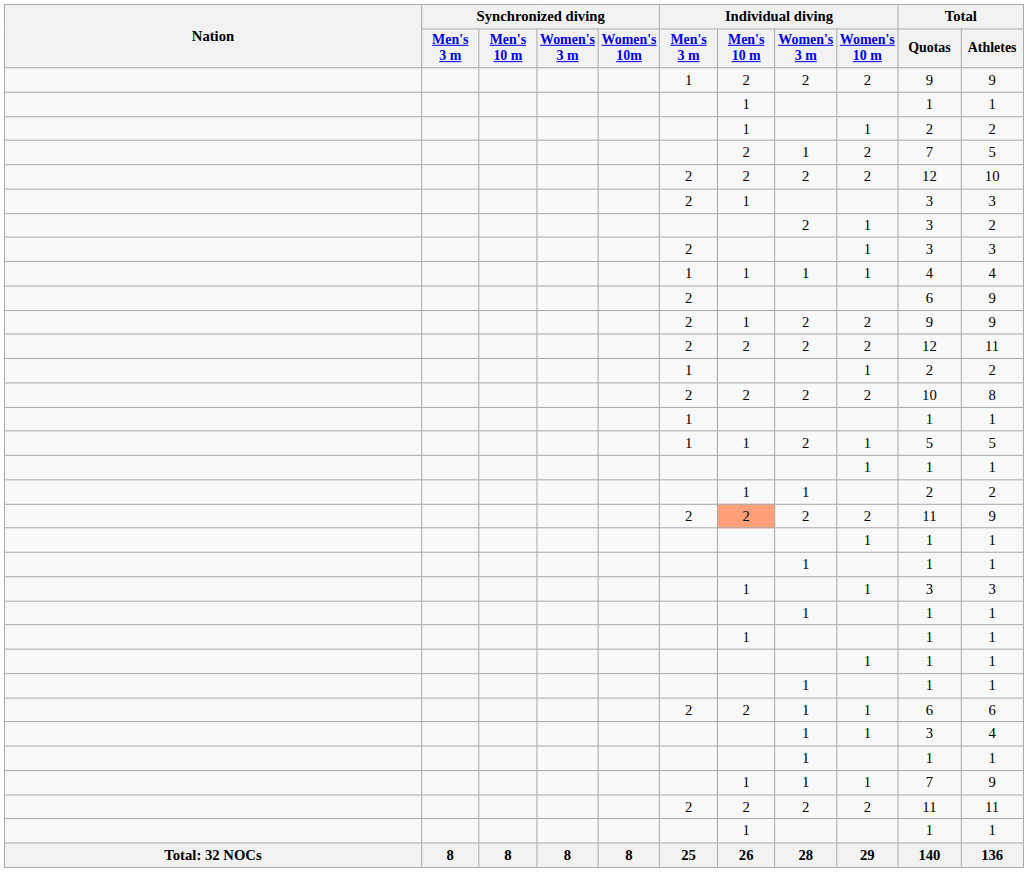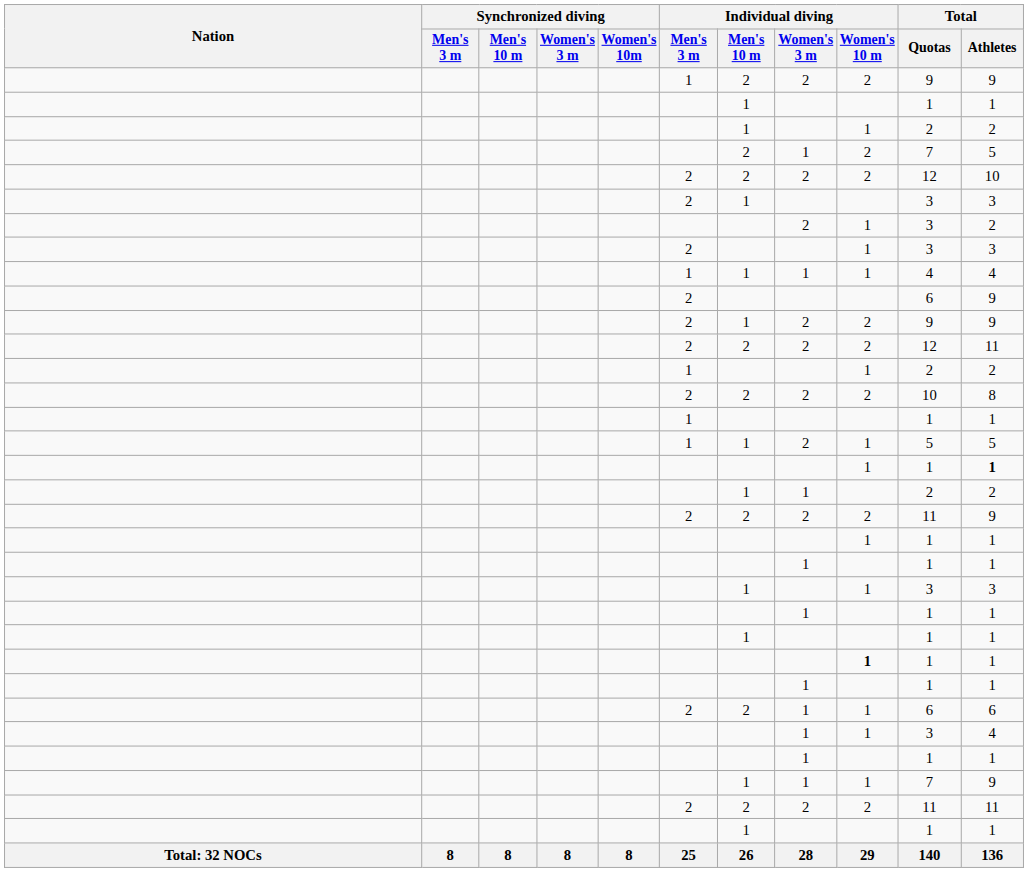 <table class="wikitable sortable" width=1000 style="text-align:center; font-size:90%">
 <tr>
 <th rowspan="2" style="text-align:center;">Nation</th>
 <th colspan="4">Synchronized diving</th>
 <th colspan="4">Individual diving</th>
 <th colspan="2">Total</th>
 </tr>
 <tr style="font-size:95%">
 <th width=50><a href='#'>Men's<br>3 m</a></th>
 <th width=50><a href='#'>Men's<br>10 m</a></th>
 <th width=50><a href='#'>Women's<br>3 m</a></th>
 <th width=50><a href='#'>Women's<br>10m</a></th>
 <th width=50><a href='#'>Men's<br>3 m</a></th>
 <th width=50><a href='#'>Men's<br>10 m</a></th>
 <th width=50><a href='#'>Women's<br>3 m</a></th>
 <th width=50><a href='#'>Women's<br>10 m</a></th>
 <th width=55>Quotas</th>
 <th width=55>Athletes</th>
 </tr>
 <tr>
 <td style="text-align:left;"></td>
 <td></td>
 <td></td>
 <td></td>
 <td></td>
 <td>1</td>
 <td>2</td>
 <td>2</td>
 <td>2</td>
 <td>9</td>
 <td>9</td>
 </tr>
 <tr>
 <td style="text-align:left;"></td>
 <td></td>
 <td></td>
 <td></td>
 <td></td>
 <td></td>
 <td>1</td>
 <td></td>
 <td></td>
 <td>1</td>
 <td>1</td>
 </tr>
 <tr>
 <td style="text-align:left;"></td>
 <td></td>
 <td></td>
 <td></td>
 <td></td>
 <td></td>
 <td>1</td>
 <td></td>
 <td>1</td>
 <td>2</td>
 <td>2</td>
 </tr>
 <tr>
 <td style="text-align:left;"></td>
 <td></td>
 <td></td>
 <td></td>
 <td></td>
 <td></td>
 <td>2</td>
 <td>1</td>
 <td>2</td>
 <td>7</td>
 <td>5</td>
 </tr>
 <tr>
 <td style="text-align:left;"></td>
 <td></td>
 <td></td>
 <td></td>
 <td></td>
 <td>2</td>
 <td>2</td>
 <td>2</td>
 <td>2</td>
 <td>12</td>
 <td>10</td>
 </tr>
 <tr>
 <td style="text-align:left;"></td>
 <td></td>
 <td></td>
 <td></td>
 <td></td>
 <td>2</td>
 <td>1</td>
 <td></td>
 <td></td>
 <td>3</td>
 <td>3</td>
 </tr>
 <tr>
 <td style="text-align:left;"></td>
 <td></td>
 <td></td>
 <td></td>
 <td></td>
 <td></td>
 <td></td>
 <td>2</td>
 <td>1</td>
 <td>3</td>
 <td>2</td>
 </tr>
 <tr>
 <td style="text-align:left;"></td>
 <td></td>
 <td></td>
 <td></td>
 <td></td>
 <td>2</td>
 <td></td>
 <td></td>
 <td>1</td>
 <td>3</td>
 <td>3</td>
 </tr>
 <tr>
 <td style="text-align:left;"></td>
 <td></td>
 <td></td>
 <td></td>
 <td></td>
 <td>1</td>
 <td>1</td>
 <td>1</td>
 <td>1</td>
 <td>4</td>
 <td>4</td>
 </tr>
 <tr>
 <td style="text-align:left;"></td>
 <td></td>
 <td></td>
 <td></td>
 <td></td>
 <td>2</td>
 <td></td>
 <td></td>
 <td></td>
 <td>6</td>
 <td>9</td>
 </tr>
 <tr>
 <td style="text-align:left;"></td>
 <td></td>
 <td></td>
 <td></td>
 <td></td>
 <td>2</td>
 <td>1</td>
 <td>2</td>
 <td>2</td>
 <td>9</td>
 <td>9</td>
 </tr>
 <tr>
 <td style="text-align:left;"></td>
 <td></td>
 <td></td>
 <td></td>
 <td></td>
 <td>2</td>
 <td>2</td>
 <td>2</td>
 <td>2</td>
 <td>12</td>
 <td>11</td>
 </tr>
 <tr>
 <td style="text-align:left;"></td>
 <td></td>
 <td></td>
 <td></td>
 <td></td>
 <td>1</td>
 <td></td>
 <td></td>
 <td>1</td>
 <td>2</td>
 <td>2</td>
 </tr>
 <tr>
 <td style="text-align:left;"></td>
 <td></td>
 <td></td>
 <td></td>
 <td></td>
 <td>2</td>
 <td>2</td>
 <td>2</td>
 <td>2</td>
 <td>10</td>
 <td>8</td>
 </tr>
 <tr>
 <td style="text-align:left;"></td>
 <td></td>
 <td></td>
 <td></td>
 <td></td>
 <td>1</td>
 <td></td>
 <td></td>
 <td></td>
 <td>1</td>
 <td>1</td>
 </tr>
 <tr>
 <td style="text-align:left;"></td>
 <td></td>
 <td></td>
 <td></td>
 <td></td>
 <td>1</td>
 <td>1</td>
 <td>2</td>
 <td>1</td>
 <td>5</td>
 <td>5</td>
 </tr>
 <tr>
 <td style="text-align:left;"></td>
 <td></td>
 <td></td>
 <td></td>
 <td></td>
 <td></td>
 <td></td>
 <td></td>
 <td>1</td>
 <td>1</td>
-<td>1</td>
+<td><strong>1</strong></td>
 </tr>
 <tr>
 <td style="text-align:left;"></td>
 <td></td>
 <td></td>
 <td></td>
 <td></td>
 <td></td>
 <td>1</td>
 <td>1</td>
 <td></td>
 <td>2</td>
 <td>2</td>
 </tr>
 <tr>
 <td style="text-align:left;"></td>
 <td></td>
 <td></td>
 <td></td>
 <td></td>
 <td>2</td>
-<td style="background: lightsalmon;">2</td>
+<td>2</td>
 <td>2</td>
 <td>2</td>
 <td>11</td>
 <td>9</td>
 </tr>
 <tr>
 <td style="text-align:left;"></td>
 <td></td>
 <td></td>
 <td></td>
 <td></td>
 <td></td>
 <td></td>
 <td></td>
 <td>1</td>
 <td>1</td>
 <td>1</td>
 </tr>
 <tr>
 <td style="text-align:left;"></td>
 <td></td>
 <td></td>
 <td></td>
 <td></td>
 <td></td>
 <td></td>
 <td>1</td>
 <td></td>
 <td>1</td>
 <td>1</td>
 </tr>
 <tr>
 <td style="text-align:left;"></td>
 <td></td>
 <td></td>
 <td></td>
 <td></td>
 <td></td>
 <td>1</td>
 <td></td>
 <td>1</td>
 <td>3</td>
 <td>3</td>
 </tr>
 <tr>
 <td style="text-align:left;"></td>
 <td></td>
 <td></td>
 <td></td>
 <td></td>
 <td></td>
 <td></td>
 <td>1</td>
 <td></td>
 <td>1</td>
 <td>1</td>
 </tr>
 <tr>
 <td style="text-align:left;"></td>
 <td></td>
 <td></td>
 <td></td>
 <td></td>
 <td></td>
 <td>1</td>
 <td></td>
 <td></td>
 <td>1</td>
 <td>1</td>
 </tr>
 <tr>
 <td style="text-align:left;"></td>
 <td></td>
 <td></td>
 <td></td>
 <td></td>
 <td></td>
 <td></td>
 <td></td>
-<td>1</td>
+<td><strong>1</strong></td>
 <td>1</td>
 <td>1</td>
 </tr>
 <tr>
 <td style="text-align:left;"></td>
 <td></td>
 <td></td>
 <td></td>
 <td></td>
 <td></td>
 <td></td>
 <td>1</td>
 <td></td>
 <td>1</td>
 <td>1</td>
 </tr>
 <tr>
 <td style="text-align:left;"></td>
 <td></td>
 <td></td>
 <td></td>
 <td></td>
 <td>2</td>
 <td>2</td>
 <td>1</td>
 <td>1</td>
 <td>6</td>
 <td>6</td>
 </tr>
 <tr>
 <td style="text-align:left;"></td>
 <td></td>
 <td></td>
 <td></td>
 <td></td>
 <td></td>
 <td></td>
 <td>1</td>
 <td>1</td>
 <td>3</td>
 <td>4</td>
 </tr>
 <tr>
 <td style="text-align:left;"></td>
 <td></td>
 <td></td>
 <td></td>
 <td></td>
 <td></td>
 <td></td>
 <td>1</td>
 <td></td>
 <td>1</td>
 <td>1</td>
 </tr>
 <tr>
 <td style="text-align:left;"></td>
 <td></td>
 <td></td>
 <td></td>
 <td></td>
 <td></td>
 <td>1</td>
 <td>1</td>
 <td>1</td>
 <td>7</td>
 <td>9</td>
 </tr>
 <tr>
 <td style="text-align:left;"></td>
 <td></td>
 <td></td>
 <td></td>
 <td></td>
 <td>2</td>
 <td>2</td>
 <td>2</td>
 <td>2</td>
 <td>11</td>
 <td>11</td>
 </tr>
 <tr>
 <td style="text-align:left;"></td>
 <td></td>
 <td></td>
 <td></td>
 <td></td>
 <td></td>
 <td>1</td>
 <td></td>
 <td></td>
 <td>1</td>
 <td>1</td>
 </tr>
 <tr>
 <th>Total: 32 NOCs</th>
 <th>8</th>
 <th>8</th>
 <th>8</th>
 <th>8</th>
 <th>25</th>
 <th>26</th>
 <th>28</th>
 <th>29</th>
 <th>140</th>
 <th>136</th>
 </tr>
 </table>
